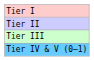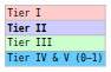 <table class="wikitable" style="font-size:90;">
 <tr>
 <td bgcolor="#ffcccc">Tier I</td>
 </tr>
 <tr>
-<td bgcolor="#ccccff">Tier II</td>
+<td bgcolor="#ccccff"><strong>Tier II</strong></td>
 </tr>
 <tr>
 <td bgcolor="#CCFFCC">Tier III</td>
 </tr>
 <tr>
 <td bgcolor="#66CCFF">Tier IV & V (0–1)</td>
 </tr>
 </table>
